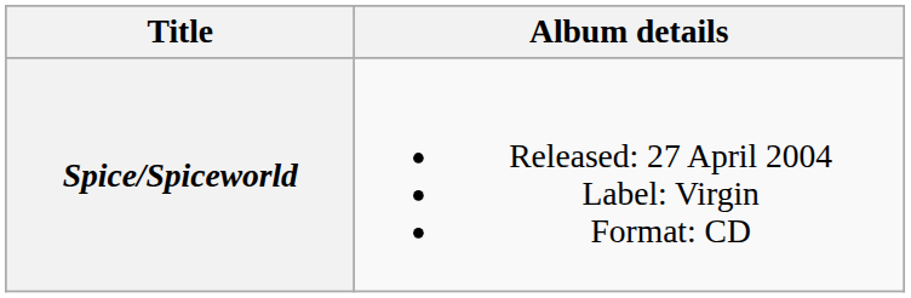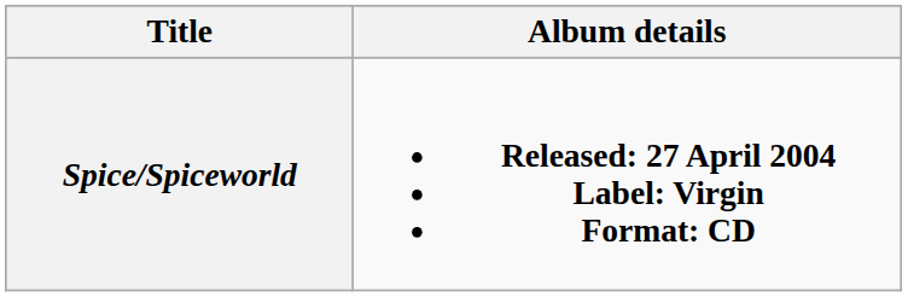 <table class="wikitable plainrowheaders" style="text-align:center;">
 <tr>
 <th scope="col" style="width:10em;">Title</th>
 <th scope="col" style="width:16em;">Album details</th>
 </tr>
 <tr>
 <th scope="row"><em>Spice/Spiceworld</em></th>
-<td><br><ul><li>Released: 27 April 2004</li><li>Label: Virgin</li><li>Format: CD</li></ul></td>
+<td><strong><br><ul><li>Released: 27 April 2004</li><li>Label: Virgin</li><li>Format: CD</li></ul></strong></td>
 </tr>
 </table>
